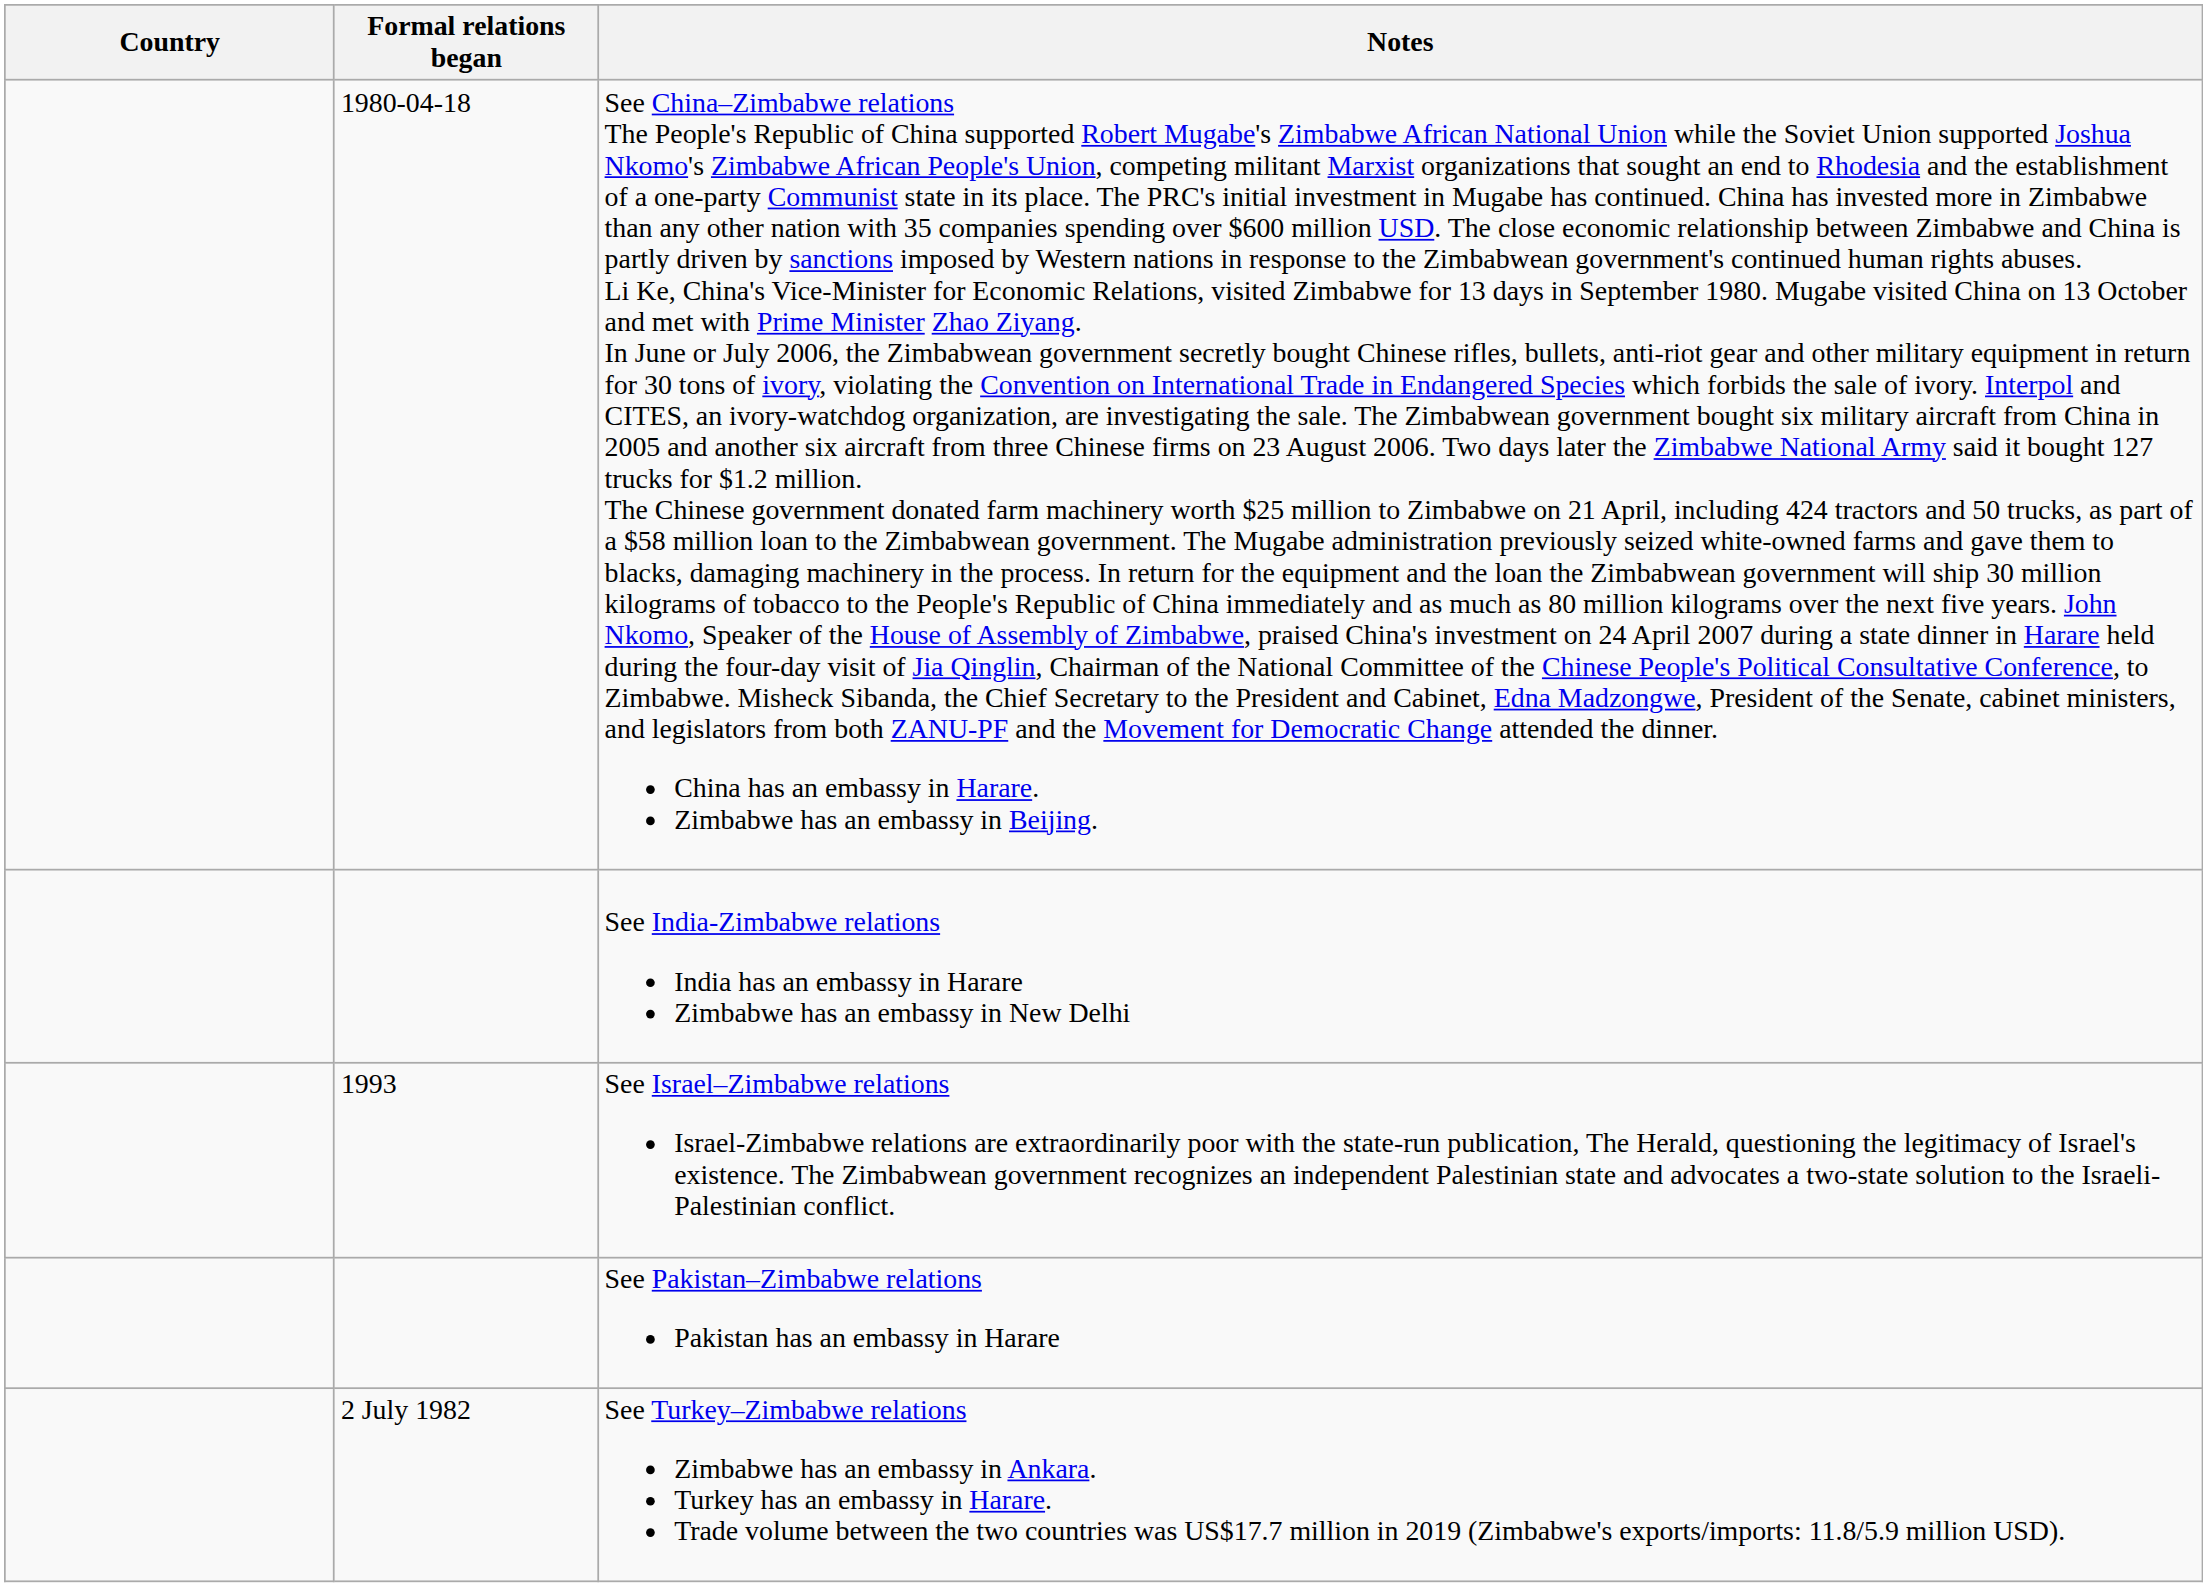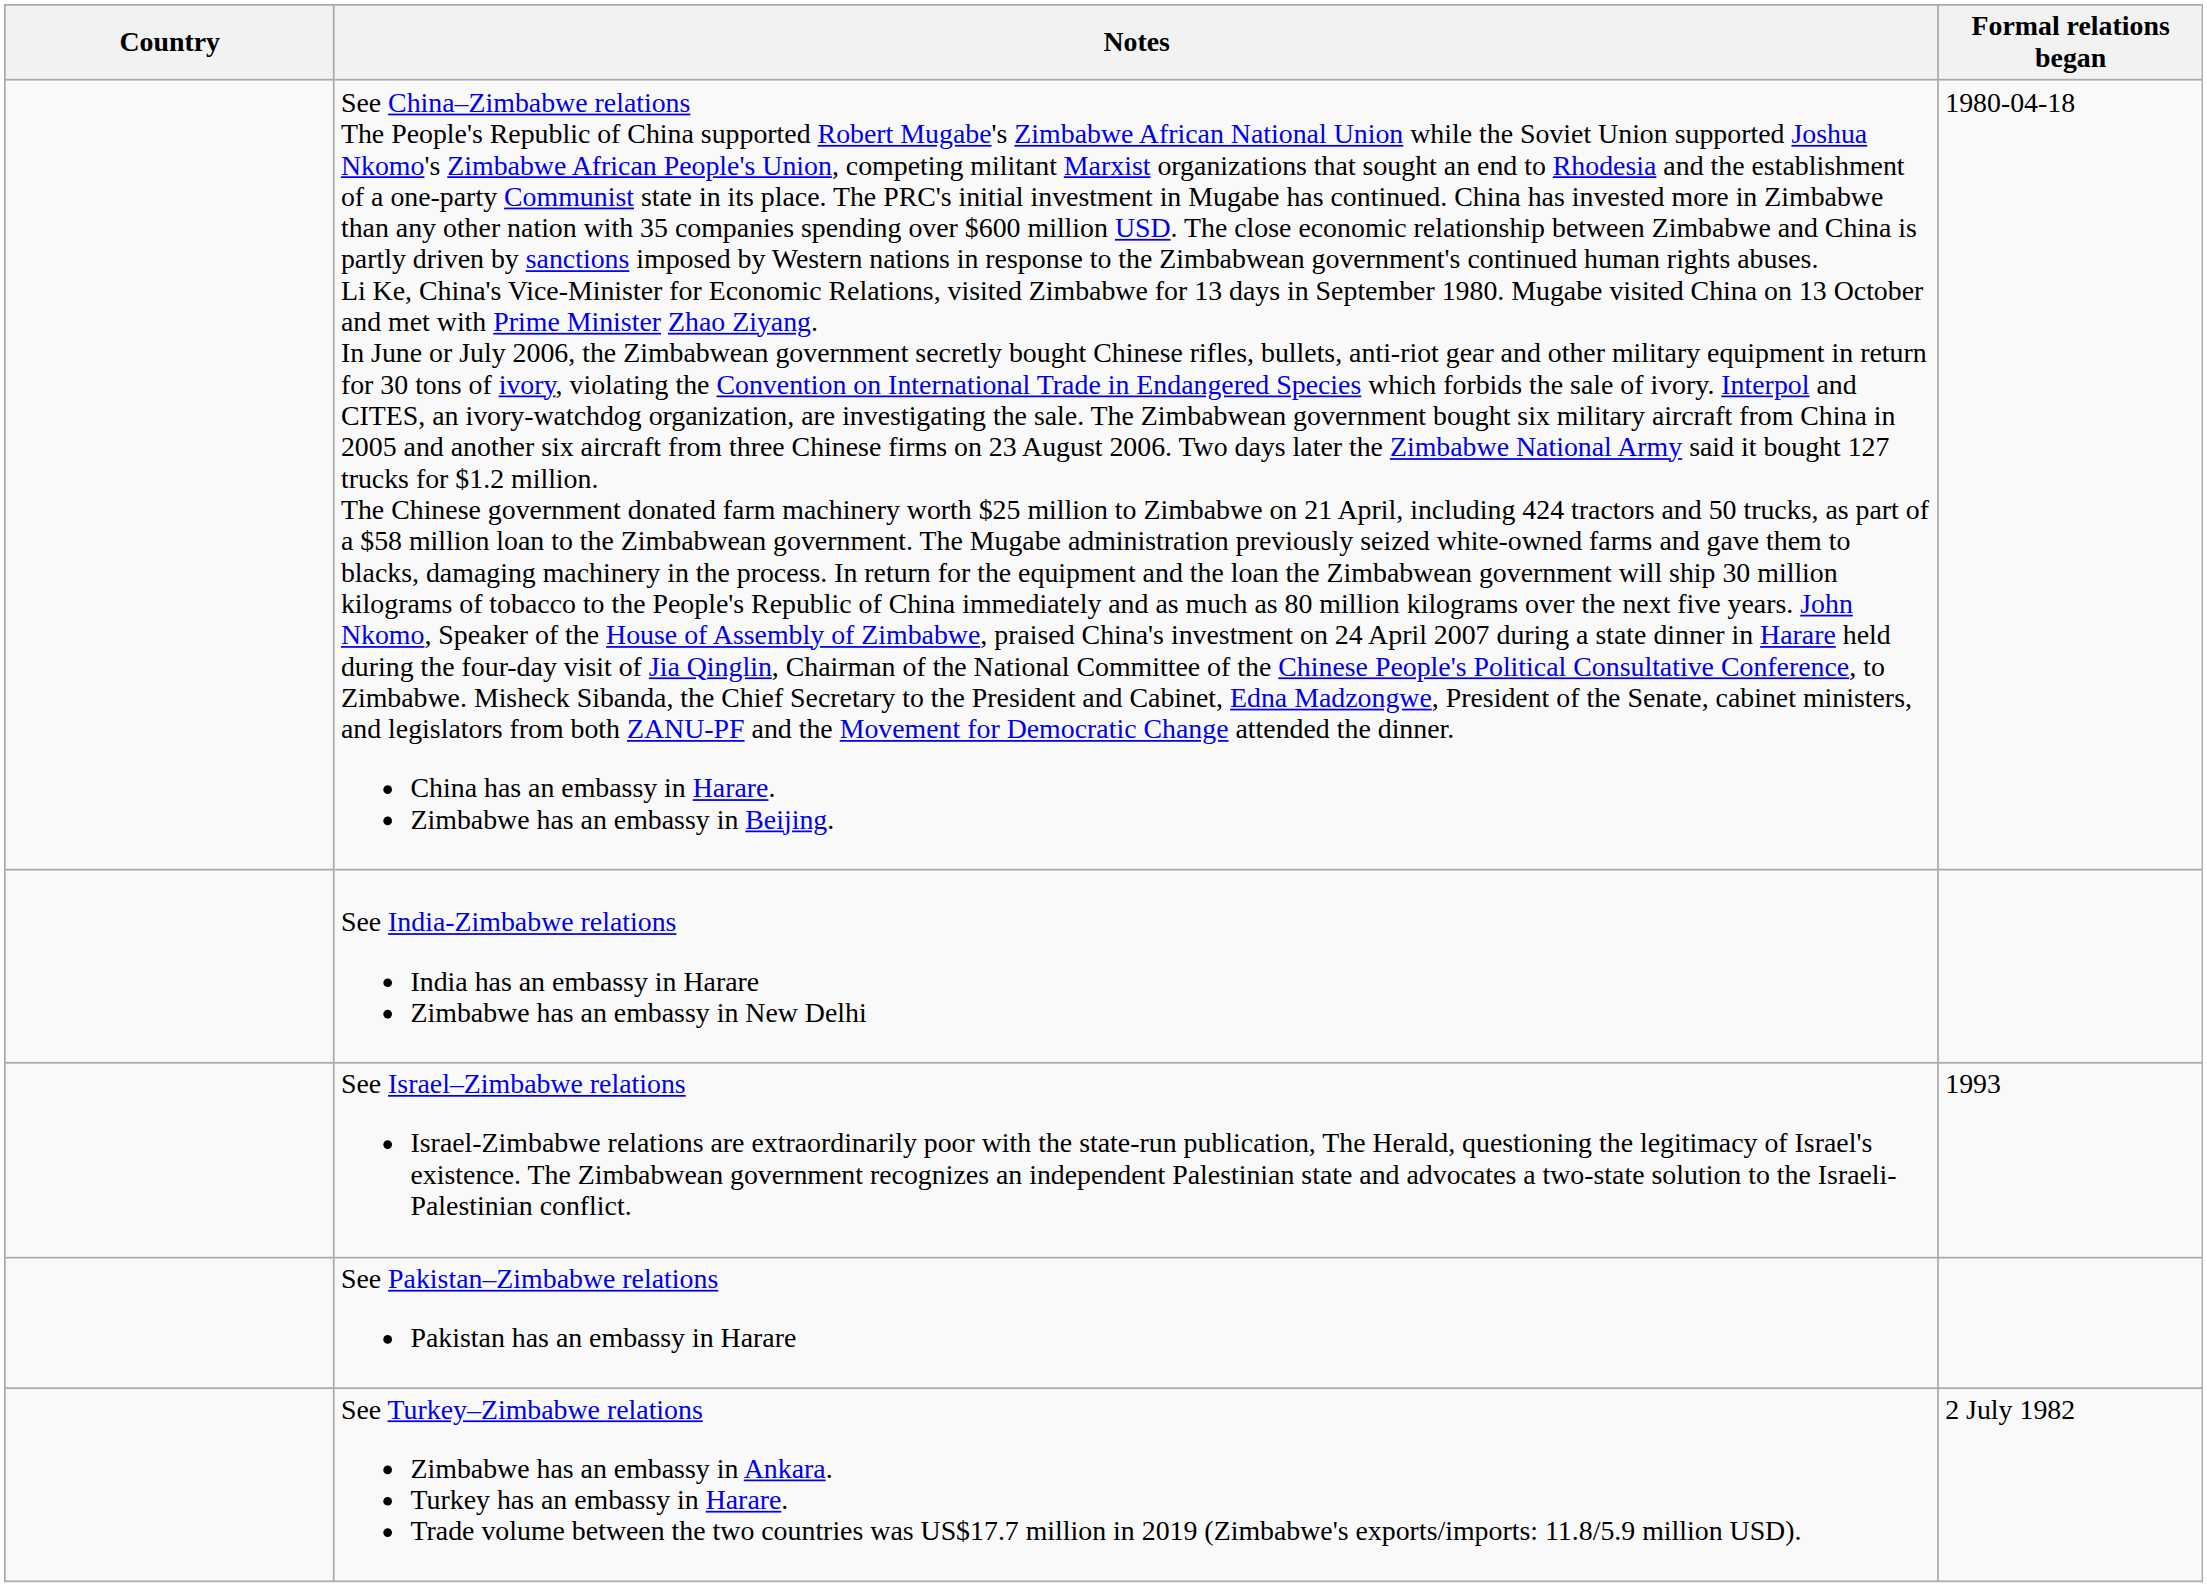 <table class="wikitable sortable" style="width:100%; margin:auto;">
 <tr>
 <th style="width:15%;">Country</th>
+<th>Notes</th>
 <th style="width:12%;">Formal relations began</th>
-<th>Notes</th>
 </tr>
 <tr valign="top">
 <td></td>
+<td>See <a href='#'>China–Zimbabwe relations</a><br>The People's Republic of China supported <a href='#'>Robert Mugabe</a>'s <a href='#'>Zimbabwe African National Union</a> while the Soviet Union supported <a href='#'>Joshua Nkomo</a>'s <a href='#'>Zimbabwe African People's Union</a>, competing militant <a href='#'>Marxist</a> organizations that sought an end to <a href='#'>Rhodesia</a> and the establishment of a one-party <a href='#'>Communist</a> state in its place. The PRC's initial investment in Mugabe has continued. China has invested more in Zimbabwe than any other nation with 35 companies spending over $600 million <a href='#'>USD</a>. The close economic relationship between Zimbabwe and China is partly driven by <a href='#'>sanctions</a> imposed by Western nations in response to the Zimbabwean government's continued human rights abuses.<br>Li Ke, China's Vice-Minister for Economic Relations, visited Zimbabwe for 13 days in September 1980. Mugabe visited China on 13 October and met with <a href='#'>Prime Minister</a> <a href='#'>Zhao Ziyang</a>.<br>In June or July 2006, the Zimbabwean government secretly bought Chinese rifles, bullets, anti-riot gear and other military equipment in return for 30 tons of <a href='#'>ivory</a>, violating the <a href='#'>Convention on International Trade in Endangered Species</a> which forbids the sale of ivory. <a href='#'>Interpol</a> and CITES, an ivory-watchdog organization, are investigating the sale. The Zimbabwean government bought six military aircraft from China in 2005 and another six aircraft from three Chinese firms on 23 August 2006. Two days later the <a href='#'>Zimbabwe National Army</a> said it bought 127 trucks for $1.2 million.<br>The Chinese government donated farm machinery worth $25 million to Zimbabwe on 21 April, including 424 tractors and 50 trucks, as part of a $58 million loan to the Zimbabwean government. The Mugabe administration previously seized white-owned farms and gave them to blacks, damaging machinery in the process. In return for the equipment and the loan the Zimbabwean government will ship 30 million kilograms of tobacco to the People's Republic of China immediately and as much as 80 million kilograms over the next five years. <a href='#'>John Nkomo</a>, Speaker of the <a href='#'>House of Assembly of Zimbabwe</a>, praised China's investment on 24 April 2007 during a state dinner in <a href='#'>Harare</a> held during the four-day visit of <a href='#'>Jia Qinglin</a>, Chairman of the National Committee of the <a href='#'>Chinese People's Political Consultative Conference</a>, to Zimbabwe. Misheck Sibanda, the Chief Secretary to the President and Cabinet, <a href='#'>Edna Madzongwe</a>, President of the Senate, cabinet ministers, and legislators from both <a href='#'>ZANU-PF</a> and the <a href='#'>Movement for Democratic Change</a> attended the dinner.<ul><li>China has an embassy in <a href='#'>Harare</a>.</li><li>Zimbabwe has an embassy in <a href='#'>Beijing</a>.</li></ul></td>
 <td>1980-04-18</td>
-<td>See <a href='#'>China–Zimbabwe relations</a><br>The People's Republic of China supported <a href='#'>Robert Mugabe</a>'s <a href='#'>Zimbabwe African National Union</a> while the Soviet Union supported <a href='#'>Joshua Nkomo</a>'s <a href='#'>Zimbabwe African People's Union</a>, competing militant <a href='#'>Marxist</a> organizations that sought an end to <a href='#'>Rhodesia</a> and the establishment of a one-party <a href='#'>Communist</a> state in its place. The PRC's initial investment in Mugabe has continued. China has invested more in Zimbabwe than any other nation with 35 companies spending over $600 million <a href='#'>USD</a>. The close economic relationship between Zimbabwe and China is partly driven by <a href='#'>sanctions</a> imposed by Western nations in response to the Zimbabwean government's continued human rights abuses.<br>Li Ke, China's Vice-Minister for Economic Relations, visited Zimbabwe for 13 days in September 1980. Mugabe visited China on 13 October and met with <a href='#'>Prime Minister</a> <a href='#'>Zhao Ziyang</a>.<br>In June or July 2006, the Zimbabwean government secretly bought Chinese rifles, bullets, anti-riot gear and other military equipment in return for 30 tons of <a href='#'>ivory</a>, violating the <a href='#'>Convention on International Trade in Endangered Species</a> which forbids the sale of ivory. <a href='#'>Interpol</a> and CITES, an ivory-watchdog organization, are investigating the sale. The Zimbabwean government bought six military aircraft from China in 2005 and another six aircraft from three Chinese firms on 23 August 2006. Two days later the <a href='#'>Zimbabwe National Army</a> said it bought 127 trucks for $1.2 million.<br>The Chinese government donated farm machinery worth $25 million to Zimbabwe on 21 April, including 424 tractors and 50 trucks, as part of a $58 million loan to the Zimbabwean government. The Mugabe administration previously seized white-owned farms and gave them to blacks, damaging machinery in the process. In return for the equipment and the loan the Zimbabwean government will ship 30 million kilograms of tobacco to the People's Republic of China immediately and as much as 80 million kilograms over the next five years. <a href='#'>John Nkomo</a>, Speaker of the <a href='#'>House of Assembly of Zimbabwe</a>, praised China's investment on 24 April 2007 during a state dinner in <a href='#'>Harare</a> held during the four-day visit of <a href='#'>Jia Qinglin</a>, Chairman of the National Committee of the <a href='#'>Chinese People's Political Consultative Conference</a>, to Zimbabwe. Misheck Sibanda, the Chief Secretary to the President and Cabinet, <a href='#'>Edna Madzongwe</a>, President of the Senate, cabinet ministers, and legislators from both <a href='#'>ZANU-PF</a> and the <a href='#'>Movement for Democratic Change</a> attended the dinner.<ul><li>China has an embassy in <a href='#'>Harare</a>.</li><li>Zimbabwe has an embassy in <a href='#'>Beijing</a>.</li></ul></td>
 </tr>
 <tr valign="top">
 <td></td>
+<td><br>See <a href='#'>India-Zimbabwe relations</a><ul><li>India has an embassy in Harare</li><li>Zimbabwe has an embassy in New Delhi</li></ul></td>
 <td></td>
-<td><br>See <a href='#'>India-Zimbabwe relations</a><ul><li>India has an embassy in Harare</li><li>Zimbabwe has an embassy in New Delhi</li></ul></td>
 </tr>
 <tr valign="top">
 <td></td>
+<td>See <a href='#'>Israel–Zimbabwe relations</a><br><ul><li>Israel-Zimbabwe relations are extraordinarily poor with the state-run publication, The Herald, questioning the legitimacy of Israel's existence. The Zimbabwean government recognizes an independent Palestinian state and advocates a two-state solution to the Israeli-Palestinian conflict.</li></ul></td>
 <td>1993</td>
-<td>See <a href='#'>Israel–Zimbabwe relations</a><br><ul><li>Israel-Zimbabwe relations are extraordinarily poor with the state-run publication, The Herald, questioning the legitimacy of Israel's existence. The Zimbabwean government recognizes an independent Palestinian state and advocates a two-state solution to the Israeli-Palestinian conflict.</li></ul></td>
 </tr>
 <tr valign="top">
 <td></td>
+<td>See <a href='#'>Pakistan–Zimbabwe relations</a><br><ul><li>Pakistan has an embassy in Harare</li></ul></td>
 <td></td>
-<td>See <a href='#'>Pakistan–Zimbabwe relations</a><br><ul><li>Pakistan has an embassy in Harare</li></ul></td>
 </tr>
 <tr valign="top">
 <td></td>
+<td>See <a href='#'>Turkey–Zimbabwe relations</a><br><ul><li>Zimbabwe has an embassy in <a href='#'>Ankara</a>.</li><li>Turkey has an embassy in <a href='#'>Harare</a>.</li><li>Trade volume between the two countries was US$17.7 million in 2019 (Zimbabwe's exports/imports: 11.8/5.9 million USD).</li></ul></td>
 <td>2 July 1982</td>
-<td>See <a href='#'>Turkey–Zimbabwe relations</a><br><ul><li>Zimbabwe has an embassy in <a href='#'>Ankara</a>.</li><li>Turkey has an embassy in <a href='#'>Harare</a>.</li><li>Trade volume between the two countries was US$17.7 million in 2019 (Zimbabwe's exports/imports: 11.8/5.9 million USD).</li></ul></td>
 </tr>
 </table>
